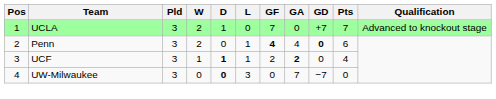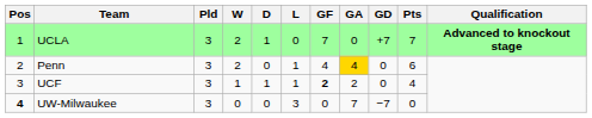 <table class="wikitable" style="text-align:center; margin: 1em auto">
 <tr>
 <th style="width:2em">Pos</th>
 <th style="width:13em">Team</th>
 <th style="width:2em">Pld</th>
 <th style="width:2em">W</th>
 <th style="width:2em">D</th>
 <th style="width:2em">L</th>
 <th style="width:2em">GF</th>
 <th style="width:2em">GA</th>
 <th style="width:2em">GD</th>
 <th style="width:2em">Pts</th>
 <th style="width:13em">Qualification</th>
 </tr>
 <tr bgcolor="#9eff9e">
 <td>1</td>
 <td style="text-align:left">UCLA</td>
 <td>3</td>
 <td>2</td>
 <td>1</td>
 <td>0</td>
 <td>7</td>
 <td>0</td>
 <td>+7</td>
 <td>7</td>
-<td>Advanced to knockout stage</td>
+<td><strong>Advanced to knockout stage</strong></td>
 </tr>
 <tr>
 <td>2</td>
 <td style="text-align:left">Penn</td>
 <td>3</td>
 <td>2</td>
 <td>0</td>
 <td>1</td>
-<td><strong>4</strong></td>
 <td>4</td>
-<td><strong>0</strong></td>
+<td style="background: gold;">4</td>
+<td>0</td>
 <td>6</td>
 </tr>
 <tr>
 <td>3</td>
 <td style="text-align:left">UCF</td>
 <td>3</td>
 <td>1</td>
-<td><strong>1</strong></td>
 <td>1</td>
+<td>1</td>
+<td><strong>2</strong></td>
 <td>2</td>
-<td><strong>2</strong></td>
 <td>0</td>
 <td>4</td>
 </tr>
 <tr>
-<td>4</td>
+<td><strong>4</strong></td>
 <td style="text-align:left">UW-Milwaukee</td>
 <td>3</td>
 <td>0</td>
-<td><strong>0</strong></td>
+<td>0</td>
 <td>3</td>
 <td>0</td>
 <td>7</td>
 <td>−7</td>
 <td>0</td>
 </tr>
 </table>
